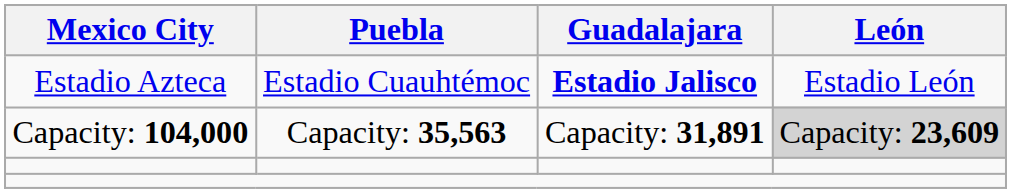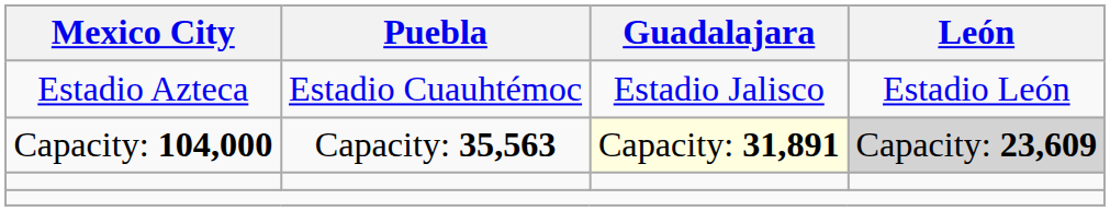 <table class="wikitable" style="text-align:center">
 <tr>
 <th><a href='#'>Mexico City</a></th>
 <th><a href='#'>Puebla</a></th>
 <th><a href='#'>Guadalajara</a></th>
 <th><a href='#'>León</a></th>
 </tr>
 <tr>
 <td><a href='#'>Estadio Azteca</a></td>
 <td><a href='#'>Estadio Cuauhtémoc</a></td>
-<td><strong><a href='#'>Estadio Jalisco</a></strong></td>
+<td><a href='#'>Estadio Jalisco</a></td>
 <td><a href='#'>Estadio León</a></td>
 </tr>
 <tr>
 <td>Capacity: <strong>104,000</strong></td>
 <td>Capacity: <strong>35,563</strong></td>
-<td>Capacity: <strong>31,891</strong></td>
+<td style="background: lightyellow;">Capacity: <strong>31,891</strong></td>
 <td style="background: lightgrey;">Capacity: <strong>23,609</strong></td>
 </tr>
 <tr>
 <td></td>
 <td></td>
 <td></td>
 <td></td>
 </tr>
 <tr>
 <td colspan=5><div></div></td>
 </tr>
 </table>
